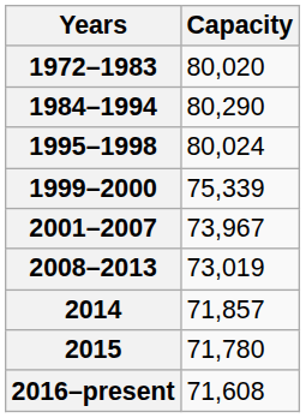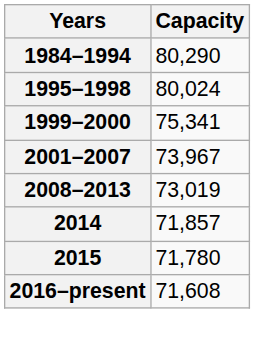 <table class="wikitable">
 <tr>
 <th scope="row">Years</th>
 <th scope="row">Capacity</th>
-</tr>
-<tr>
-<th scope="row">1972–1983</th>
-<td>80,020</td>
 </tr>
 <tr>
 <th scope="row">1984–1994</th>
 <td>80,290</td>
 </tr>
 <tr>
 <th scope="row">1995–1998</th>
 <td>80,024</td>
 </tr>
 <tr>
 <th scope="row">1999–2000</th>
-<td>75,339</td>
+<td>75,341</td>
 </tr>
 <tr>
 <th scope="row">2001–2007</th>
 <td>73,967</td>
 </tr>
 <tr>
 <th scope="row">2008–2013</th>
 <td>73,019</td>
 </tr>
 <tr>
 <th scope="row">2014</th>
 <td>71,857</td>
 </tr>
 <tr>
 <th scope="row">2015</th>
 <td>71,780</td>
 </tr>
 <tr>
 <th scope="row">2016–present</th>
 <td>71,608</td>
 </tr>
 </table>
